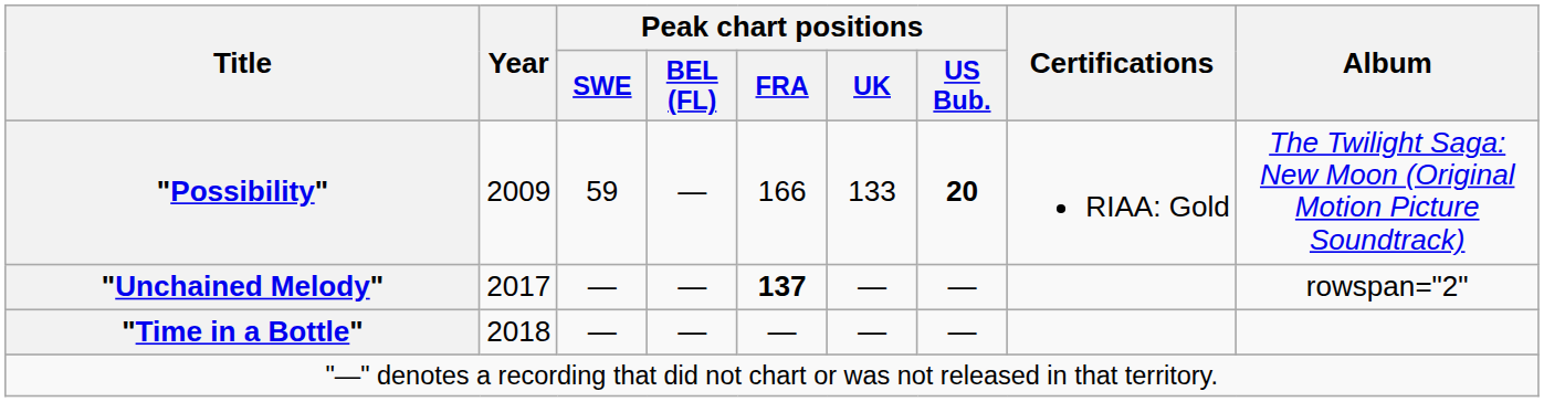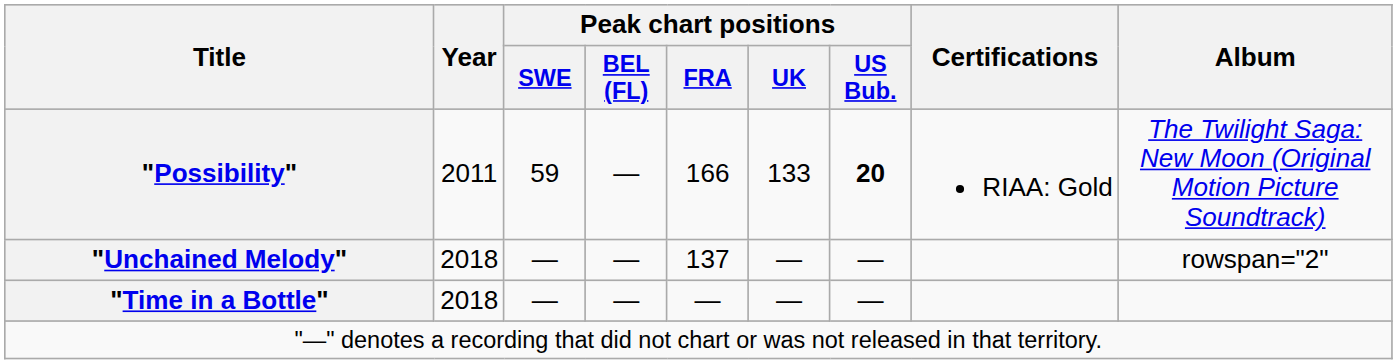 <table class="wikitable plainrowheaders" style="text-align:center;" border="1">
 <tr>
 <th scope="col" rowspan="2" style="width:16em;">Title</th>
 <th scope="col" rowspan="2" style="width:2em;">Year</th>
 <th scope="col" colspan="5">Peak chart positions</th>
 <th rowspan="2">Certifications</th>
 <th rowspan="2" scope="col" style="width:10em;">Album</th>
 </tr>
 <tr>
 <th scope="col" style="width:3em;font-size:90%;"><a href='#'>SWE</a><br></th>
 <th scope="col" style="width:3em;font-size:90%;"><a href='#'>BEL<br>(FL)</a><br></th>
 <th scope="col" style="width:3em;font-size:90%;"><a href='#'>FRA</a><br></th>
 <th scope="col" style="width:3em;font-size:90%;"><a href='#'>UK</a><br></th>
 <th scope="col" style="width:3em;font-size:90%;"><a href='#'>US<br>Bub.</a><br></th>
 </tr>
 <tr>
 <th scope="row">"<a href='#'>Possibility</a>"</th>
-<td>2009</td>
+<td>2011</td>
 <td>59</td>
 <td>—</td>
 <td>166</td>
 <td>133</td>
 <td><strong>20</strong></td>
 <td><br><ul><li>RIAA: Gold</li></ul></td>
 <td><em><a href='#'>The Twilight Saga: New Moon (Original Motion Picture Soundtrack)</a></em></td>
 </tr>
 <tr>
 <th scope="row">"<a href='#'>Unchained Melody</a>"</th>
-<td>2017</td>
+<td>2018</td>
 <td>—</td>
 <td>—</td>
-<td><strong>137</strong></td>
+<td>137</td>
 <td>—</td>
 <td>—</td>
 <td></td>
 <td>rowspan="2" </td>
 </tr>
 <tr>
 <th scope="row">"<a href='#'>Time in a Bottle</a>"</th>
 <td>2018</td>
 <td>—</td>
 <td>—</td>
 <td>—</td>
 <td>—</td>
 <td>—</td>
 <td></td>
 </tr>
 <tr>
 <td colspan="16" style="font-size:90%">"—" denotes a recording that did not chart or was not released in that territory.</td>
 </tr>
 </table>
